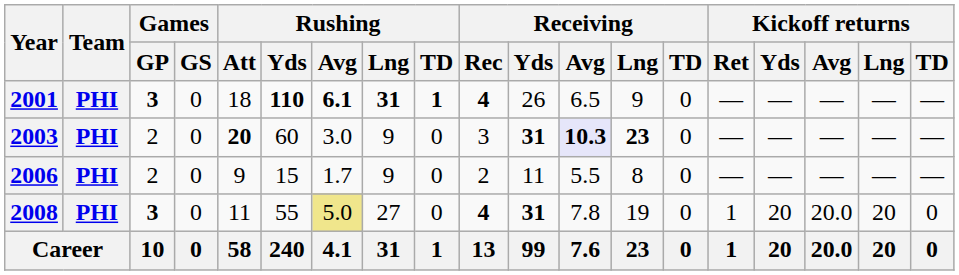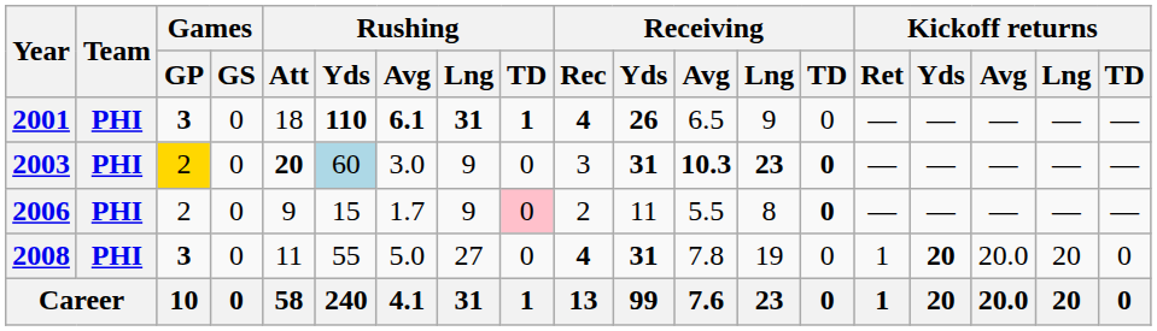 <table class="wikitable" style="text-align:center;">
 <tr>
 <th rowspan="2">Year</th>
 <th rowspan="2">Team</th>
 <th colspan="2">Games</th>
 <th colspan="5">Rushing</th>
 <th colspan="5">Receiving</th>
 <th colspan="5">Kickoff returns</th>
 </tr>
 <tr>
 <th>GP</th>
 <th>GS</th>
 <th>Att</th>
 <th>Yds</th>
 <th>Avg</th>
 <th>Lng</th>
 <th>TD</th>
 <th>Rec</th>
 <th>Yds</th>
 <th>Avg</th>
 <th>Lng</th>
 <th>TD</th>
 <th>Ret</th>
 <th>Yds</th>
 <th>Avg</th>
 <th>Lng</th>
 <th>TD</th>
 </tr>
 <tr>
 <th><a href='#'>2001</a></th>
 <th><a href='#'>PHI</a></th>
 <td><strong>3</strong></td>
 <td>0</td>
 <td>18</td>
 <td><strong>110</strong></td>
 <td><strong>6.1</strong></td>
 <td><strong>31</strong></td>
 <td><strong>1</strong></td>
 <td><strong>4</strong></td>
-<td>26</td>
+<td><strong>26</strong></td>
 <td>6.5</td>
 <td>9</td>
 <td>0</td>
 <td>—</td>
 <td>—</td>
 <td>—</td>
 <td>—</td>
 <td>—</td>
 </tr>
 <tr>
 <th><a href='#'>2003</a></th>
 <th><a href='#'>PHI</a></th>
-<td>2</td>
+<td style="background: gold;">2</td>
 <td>0</td>
 <td><strong>20</strong></td>
-<td>60</td>
+<td style="background: lightblue;">60</td>
 <td>3.0</td>
 <td>9</td>
 <td>0</td>
 <td>3</td>
 <td><strong>31</strong></td>
-<td style="background: lavender;"><strong>10.3</strong></td>
+<td><strong>10.3</strong></td>
 <td><strong>23</strong></td>
-<td>0</td>
+<td><strong>0</strong></td>
 <td>—</td>
 <td>—</td>
 <td>—</td>
 <td>—</td>
 <td>—</td>
 </tr>
 <tr>
 <th><a href='#'>2006</a></th>
 <th><a href='#'>PHI</a></th>
 <td>2</td>
 <td>0</td>
 <td>9</td>
 <td>15</td>
 <td>1.7</td>
 <td>9</td>
-<td>0</td>
+<td style="background: pink;">0</td>
 <td>2</td>
 <td>11</td>
 <td>5.5</td>
 <td>8</td>
-<td>0</td>
+<td><strong>0</strong></td>
 <td>—</td>
 <td>—</td>
 <td>—</td>
 <td>—</td>
 <td>—</td>
 </tr>
 <tr>
 <th><a href='#'>2008</a></th>
 <th><a href='#'>PHI</a></th>
 <td><strong>3</strong></td>
 <td>0</td>
 <td>11</td>
 <td>55</td>
-<td style="background: khaki;">5.0</td>
+<td>5.0</td>
 <td>27</td>
 <td>0</td>
 <td><strong>4</strong></td>
 <td><strong>31</strong></td>
 <td>7.8</td>
 <td>19</td>
 <td>0</td>
 <td>1</td>
-<td>20</td>
+<td><strong>20</strong></td>
 <td>20.0</td>
 <td>20</td>
 <td>0</td>
 </tr>
 <tr>
 <th colspan="2">Career</th>
 <th>10</th>
 <th>0</th>
 <th>58</th>
 <th>240</th>
 <th>4.1</th>
 <th>31</th>
 <th>1</th>
 <th>13</th>
 <th>99</th>
 <th>7.6</th>
 <th>23</th>
 <th>0</th>
 <th>1</th>
 <th>20</th>
 <th>20.0</th>
 <th>20</th>
 <th>0</th>
 </tr>
 </table>
